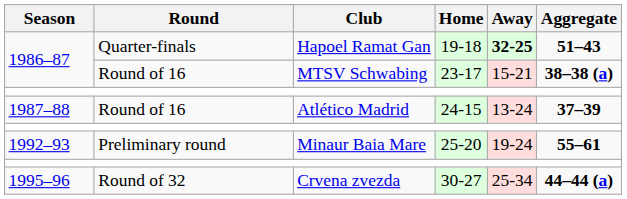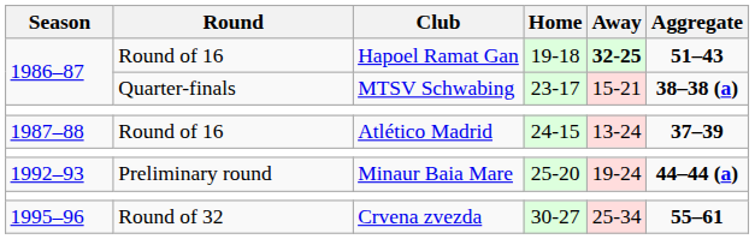 <table class="wikitable">
 <tr>
 <th width=75>Season</th>
 <th width=175>Round</th>
 <th>Club</th>
 <th>Home</th>
 <th>Away</th>
 <th>Aggregate</th>
 </tr>
 <tr>
 <td rowspan=2><a href='#'>1986–87</a></td>
-<td>Quarter-finals</td>
+<td>Round of 16</td>
 <td> <a href='#'>Hapoel Ramat Gan</a></td>
 <td style="text-align:center; background:#dfd;">19-18</td>
 <td style="text-align:center; background:#dfd;"><strong>32-25</strong></td>
 <td style="text-align:center;"><strong>51–43</strong></td>
 </tr>
 <tr>
-<td>Round of 16</td>
+<td>Quarter-finals</td>
 <td> <a href='#'>MTSV Schwabing</a></td>
 <td style="text-align:center; background:#dfd;">23-17</td>
 <td style="text-align:center; background:#fdd;">15-21</td>
 <td style="text-align:center;"><strong>38–38 (<a href='#'>a</a>)</strong></td>
 </tr>
 <tr>
 <td colspan=7 style="text-align: center;" bgcolor=white></td>
 </tr>
 <tr>
 <td rowspan=1><a href='#'>1987–88</a></td>
 <td>Round of 16</td>
 <td> <a href='#'>Atlético Madrid</a></td>
 <td style="text-align:center; background:#dfd;">24-15</td>
 <td style="text-align:center; background:#fdd;">13-24</td>
 <td style="text-align:center;"><strong>37–39</strong></td>
 </tr>
 <tr>
 <td colspan=7 style="text-align: center;" bgcolor=white></td>
 </tr>
 <tr>
 <td rowspan=1><a href='#'>1992–93</a></td>
 <td>Preliminary round</td>
 <td> <a href='#'>Minaur Baia Mare</a></td>
 <td style="text-align:center; background:#dfd;">25-20</td>
 <td style="text-align:center; background:#fdd;">19-24</td>
-<td style="text-align:center;"><strong>55–61</strong></td>
+<td style="text-align:center;"><strong>44–44 (<a href='#'>a</a>)</strong></td>
 </tr>
 <tr>
 <td colspan=7 style="text-align: center;" bgcolor=white></td>
 </tr>
 <tr>
 <td rowspan=1><a href='#'>1995–96</a></td>
 <td>Round of 32</td>
 <td> <a href='#'>Crvena zvezda</a></td>
 <td style="text-align:center; background:#dfd;">30-27</td>
 <td style="text-align:center; background:#fdd;">25-34</td>
-<td style="text-align:center;"><strong>44–44 (<a href='#'>a</a>)</strong></td>
+<td style="text-align:center;"><strong>55–61</strong></td>
 </tr>
 </table>
